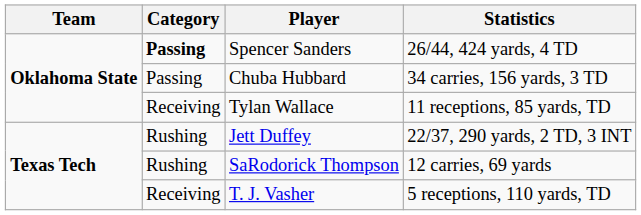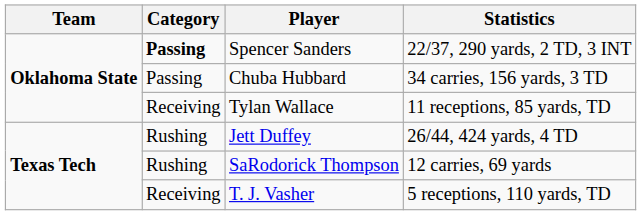 <table class="wikitable" style="float: right;">
 <tr>
 <th>Team</th>
 <th>Category</th>
 <th>Player</th>
 <th>Statistics</th>
 </tr>
 <tr>
 <td rowspan=3><strong>Oklahoma State</strong></td>
 <td><strong>Passing</strong></td>
 <td>Spencer Sanders</td>
-<td>26/44, 424 yards, 4 TD</td>
+<td>22/37, 290 yards, 2 TD, 3 INT</td>
 </tr>
 <tr>
 <td>Passing</td>
 <td>Chuba Hubbard</td>
 <td>34 carries, 156 yards, 3 TD</td>
 </tr>
 <tr>
 <td>Receiving</td>
 <td>Tylan Wallace</td>
 <td>11 receptions, 85 yards, TD</td>
 </tr>
 <tr>
 <td rowspan=3><strong>Texas Tech</strong></td>
 <td>Rushing</td>
 <td><a href='#'>Jett Duffey</a></td>
-<td>22/37, 290 yards, 2 TD, 3 INT</td>
+<td>26/44, 424 yards, 4 TD</td>
 </tr>
 <tr>
 <td>Rushing</td>
 <td><a href='#'>SaRodorick Thompson</a></td>
 <td>12 carries, 69 yards</td>
 </tr>
 <tr>
 <td>Receiving</td>
 <td><a href='#'>T. J. Vasher</a></td>
 <td>5 receptions, 110 yards, TD</td>
 </tr>
 </table>
